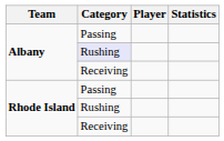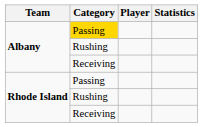 <table class="wikitable" style="float: right;">
 <tr>
 <th>Team</th>
 <th>Category</th>
 <th>Player</th>
 <th>Statistics</th>
 </tr>
 <tr>
 <td rowspan=3><strong>Albany</strong></td>
-<td>Passing</td>
+<td style="background: gold;">Passing</td>
 <td></td>
 <td></td>
 </tr>
 <tr>
-<td style="background: lavender;">Rushing</td>
+<td>Rushing</td>
 <td></td>
 <td></td>
 </tr>
 <tr>
 <td>Receiving</td>
 <td></td>
 <td></td>
 </tr>
 <tr>
 <td rowspan=3><strong>Rhode Island</strong></td>
 <td>Passing</td>
 <td></td>
 <td></td>
 </tr>
 <tr>
 <td>Rushing</td>
 <td></td>
 <td></td>
 </tr>
 <tr>
 <td>Receiving</td>
 <td></td>
 <td></td>
 </tr>
 </table>
